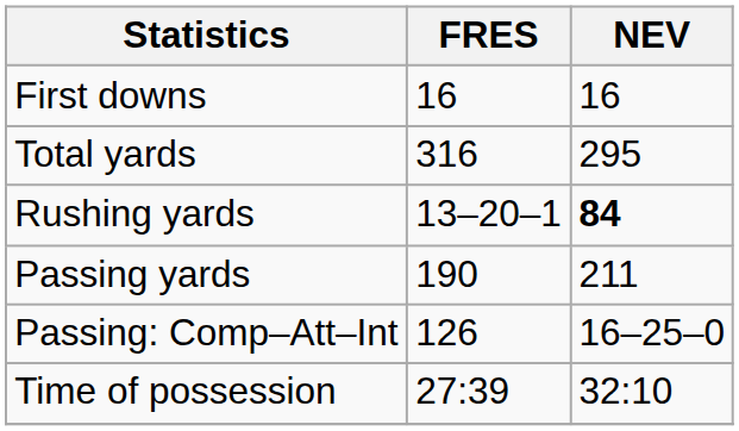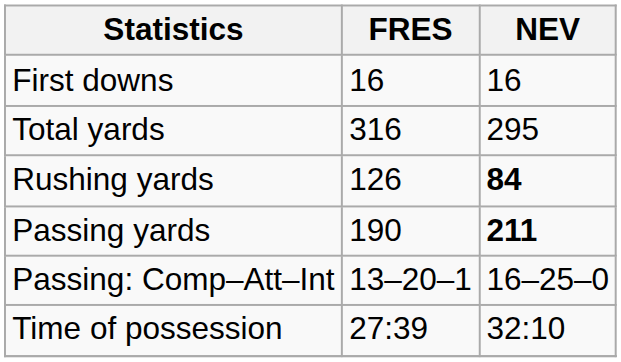 <table class="wikitable" style="float: left;">
 <tr>
 <th>Statistics</th>
 <th>FRES</th>
 <th>NEV</th>
 </tr>
 <tr>
 <td>First downs</td>
 <td>16</td>
 <td>16</td>
 </tr>
 <tr>
 <td>Total yards</td>
 <td>316</td>
 <td>295</td>
 </tr>
 <tr>
 <td>Rushing yards</td>
-<td>13–20–1</td>
+<td>126</td>
 <td><strong>84</strong></td>
 </tr>
 <tr>
 <td>Passing yards</td>
 <td>190</td>
-<td>211</td>
+<td><strong>211</strong></td>
 </tr>
 <tr>
 <td>Passing: Comp–Att–Int</td>
-<td>126</td>
+<td>13–20–1</td>
 <td>16–25–0</td>
 </tr>
 <tr>
 <td>Time of possession</td>
 <td>27:39</td>
 <td>32:10</td>
 </tr>
 <tr>
 </tr>
 </table>
